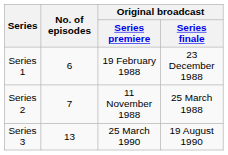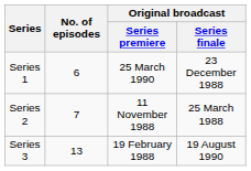 <table class="wikitable" width="40%" style="text-align:center;">
 <tr>
 <th rowspan="2" colspan="">Series</th>
 <th rowspan="2">No. of episodes</th>
 <th colspan="2">Original broadcast</th>
 </tr>
 <tr>
 <th><a href='#'>Series premiere</a></th>
 <th><a href='#'>Series finale</a></th>
 </tr>
 <tr>
 <td>Series 1</td>
 <td>6</td>
-<td>19 February 1988</td>
+<td>25 March 1990</td>
 <td>23 December 1988</td>
 </tr>
 <tr>
 <td>Series 2</td>
 <td>7</td>
 <td>11 November 1988</td>
 <td>25 March 1988</td>
 </tr>
 <tr>
 <td>Series 3</td>
 <td>13</td>
-<td>25 March 1990</td>
+<td>19 February 1988</td>
 <td>19 August 1990</td>
 </tr>
 </table>
